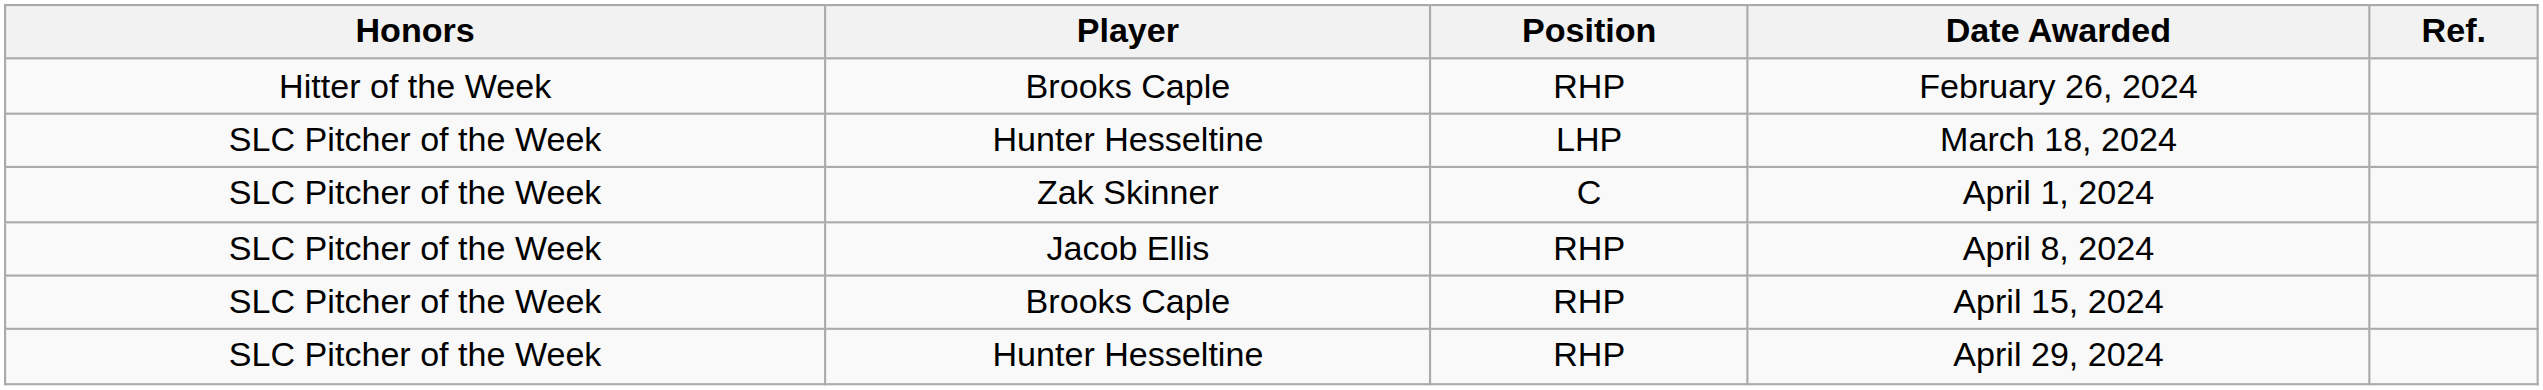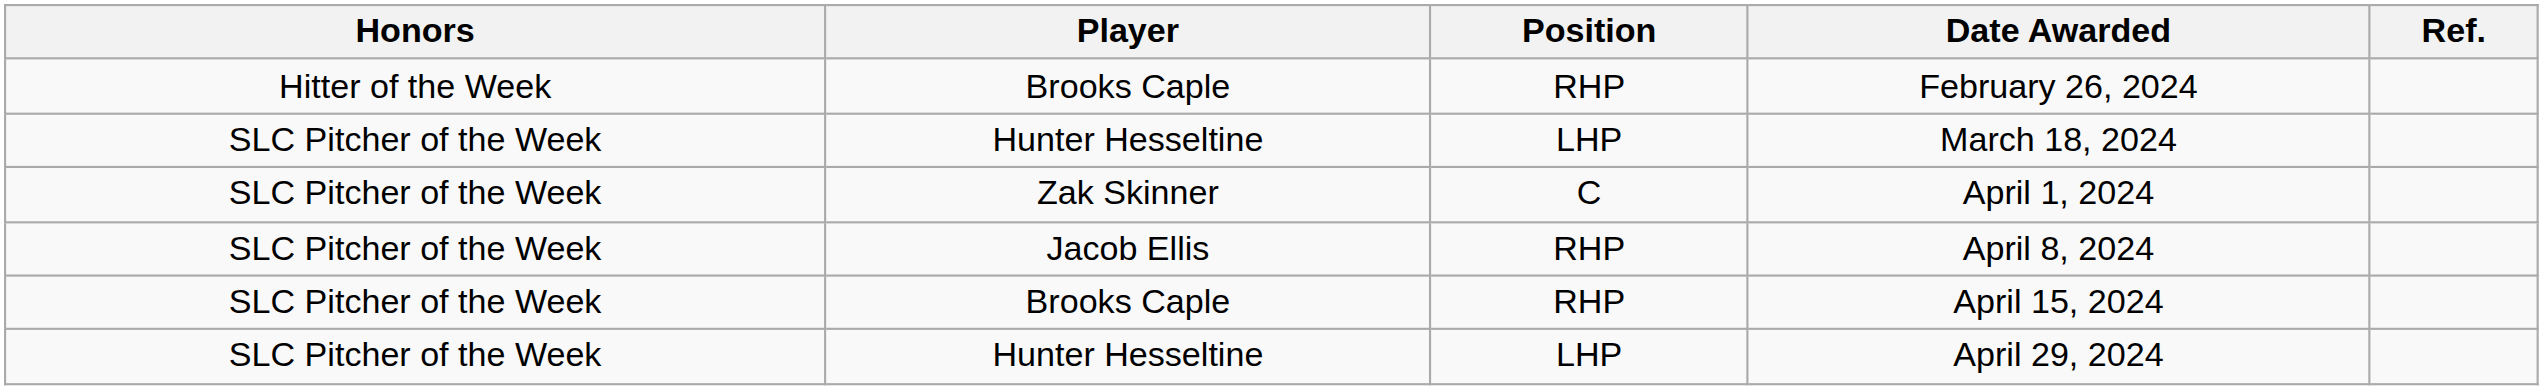 <table class="wikitable" style="width: 60%;text-align: center;">
 <tr>
 <th>Honors</th>
 <th>Player</th>
 <th>Position</th>
 <th>Date Awarded</th>
 <th>Ref.</th>
 </tr>
 <tr align="center">
 <td rowspan="1">Hitter of the Week</td>
 <td>Brooks Caple</td>
 <td>RHP</td>
 <td>February 26, 2024</td>
 <td></td>
 </tr>
 <tr align="center">
 <td rowspan="1">SLC Pitcher of the Week</td>
 <td>Hunter Hesseltine</td>
 <td>LHP</td>
 <td>March 18, 2024</td>
 <td></td>
 </tr>
 <tr align="center">
 <td rowspan="1">SLC Pitcher of the Week</td>
 <td>Zak Skinner</td>
 <td>C</td>
 <td>April 1, 2024</td>
 <td></td>
 </tr>
 <tr align="center">
 <td rowspan="1">SLC Pitcher of the Week</td>
 <td>Jacob Ellis</td>
 <td>RHP</td>
 <td>April 8, 2024</td>
 <td></td>
 </tr>
 <tr align="center">
 <td rowspan="1">SLC Pitcher of the Week</td>
 <td>Brooks Caple</td>
 <td>RHP</td>
 <td>April 15, 2024</td>
 <td></td>
 </tr>
 <tr align="center">
 <td rowspan="1">SLC Pitcher of the Week</td>
 <td>Hunter Hesseltine</td>
-<td>RHP</td>
+<td>LHP</td>
 <td>April 29, 2024</td>
 <td></td>
 </tr>
 </table>
